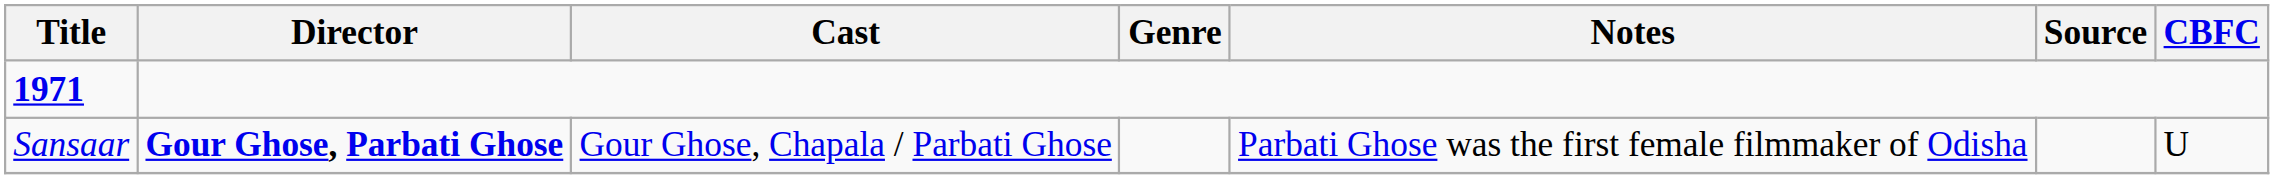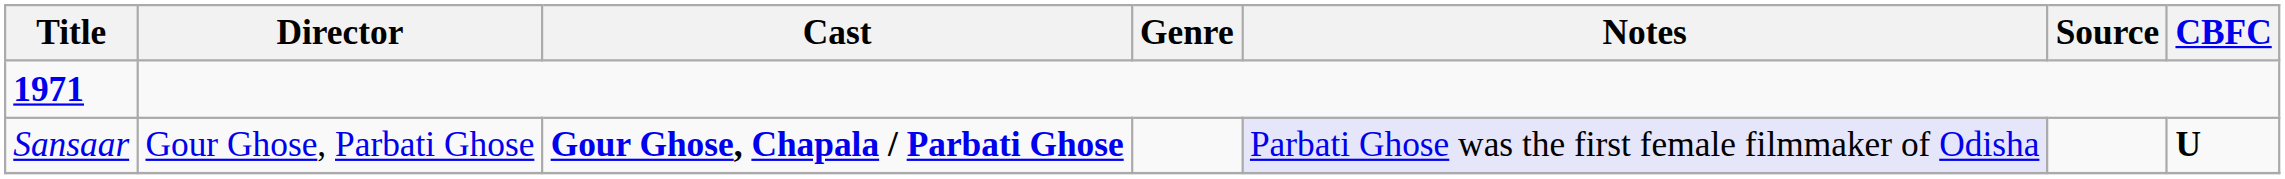 <table class="wikitable">
 <tr>
 <th>Title</th>
 <th>Director</th>
 <th>Cast</th>
 <th>Genre</th>
 <th>Notes</th>
 <th>Source</th>
 <th><a href='#'>CBFC</a></th>
 </tr>
 <tr>
 <td><strong><a href='#'>1971</a></strong></td>
 </tr>
 <tr>
 <td><em><a href='#'>Sansaar</a></em></td>
-<td><strong><a href='#'>Gour Ghose</a>, <a href='#'>Parbati Ghose</a></strong></td>
-<td><a href='#'>Gour Ghose</a>, <a href='#'>Chapala</a> / <a href='#'>Parbati Ghose</a></td>
+<td><a href='#'>Gour Ghose</a>, <a href='#'>Parbati Ghose</a></td>
+<td><strong><a href='#'>Gour Ghose</a>, <a href='#'>Chapala</a> / <a href='#'>Parbati Ghose</a></strong></td>
 <td></td>
-<td><a href='#'>Parbati Ghose</a> was the first female filmmaker of  <a href='#'>Odisha</a></td>
+<td style="background: lavender;"><a href='#'>Parbati Ghose</a> was the first female filmmaker of  <a href='#'>Odisha</a></td>
 <td><br></td>
-<td>U</td>
+<td><strong>U</strong></td>
 </tr>
 <tr>
 </tr>
 </table>
